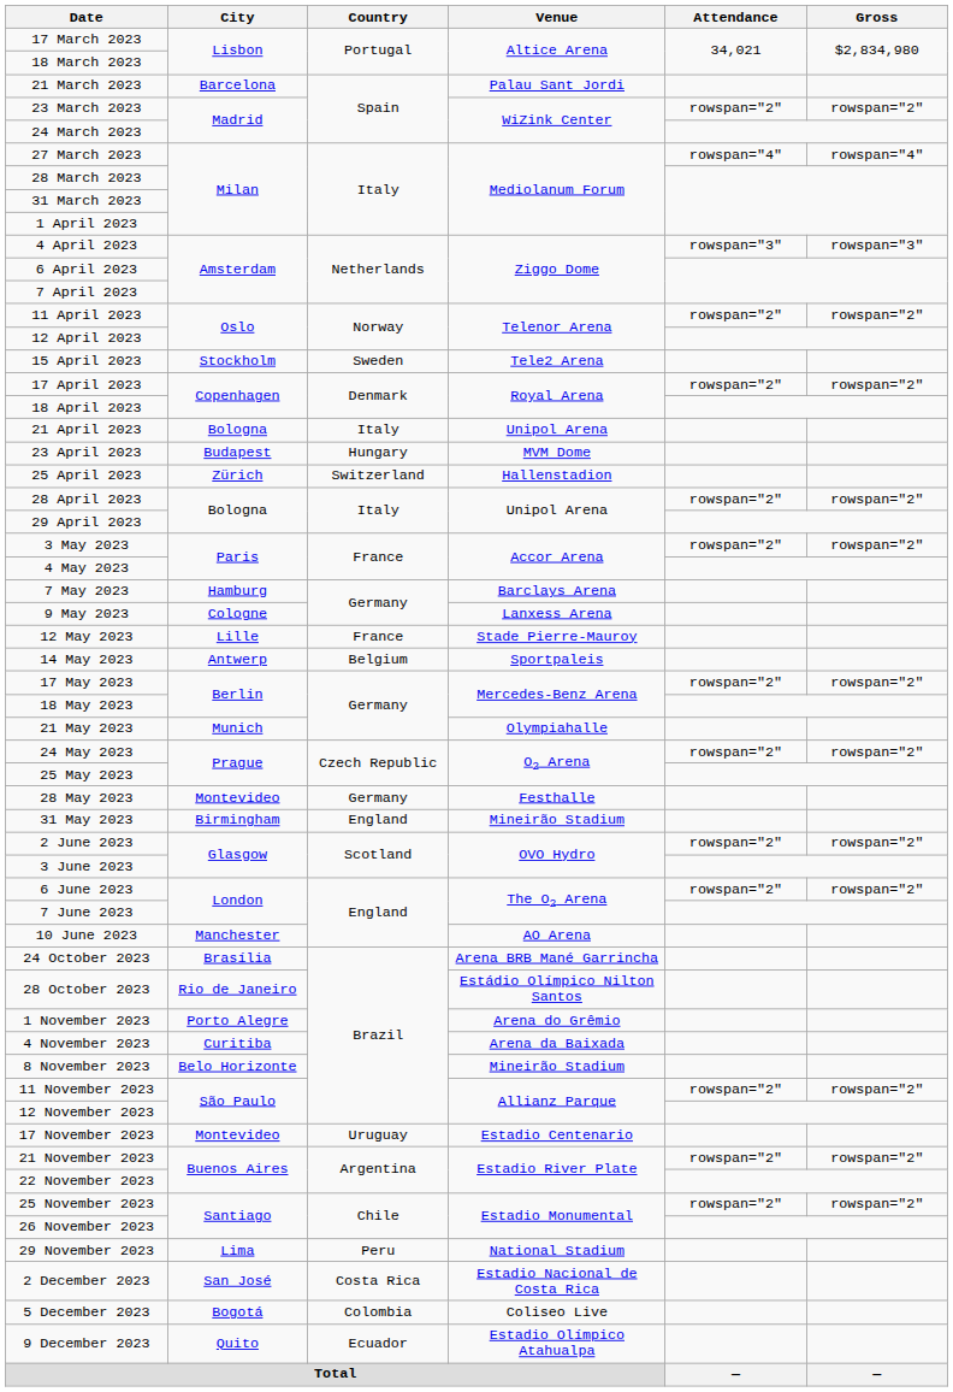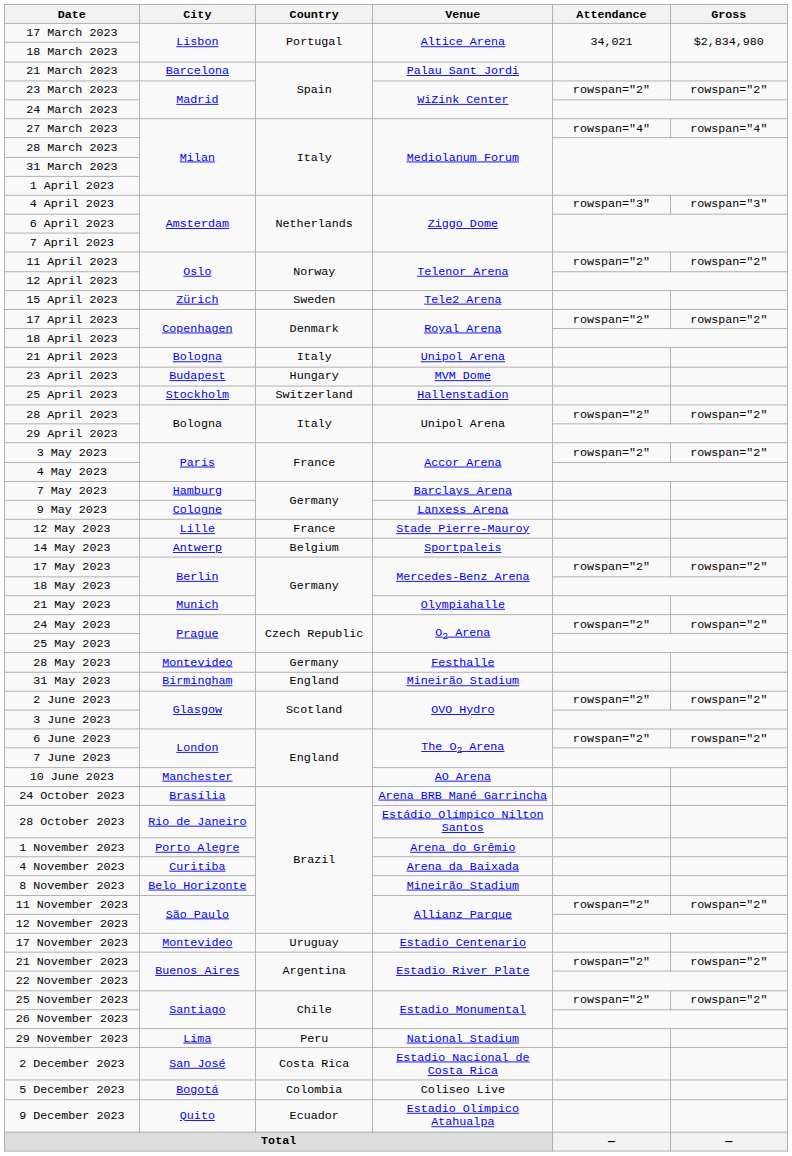 <table class="wikitable" style="text-align:center;">
 <tr>
 <th scope="col" style="width:12em;">Date</th>
 <th scope="col" style="width:10em;">City</th>
 <th scope="col" style="width:10em;">Country</th>
 <th scope="col" style="width:16em;">Venue</th>
 <th scope="col" style="width:10em;">Attendance</th>
 <th scope="col" style="width:10em;">Gross</th>
 </tr>
 <tr>
 <td>17 March 2023</td>
 <td rowspan="2"><a href='#'>Lisbon</a></td>
 <td rowspan="2">Portugal</td>
 <td rowspan="2"><a href='#'>Altice Arena</a></td>
 <td rowspan="2">34,021</td>
 <td rowspan="2">$2,834,980</td>
 </tr>
 <tr>
 <td>18 March 2023</td>
 </tr>
 <tr>
 <td>21 March 2023</td>
 <td><a href='#'>Barcelona</a></td>
 <td rowspan="3">Spain</td>
 <td><a href='#'>Palau Sant Jordi</a></td>
 <td></td>
 <td></td>
 </tr>
 <tr>
 <td>23 March 2023</td>
 <td rowspan="2"><a href='#'>Madrid</a></td>
 <td rowspan="2"><a href='#'>WiZink Center</a></td>
 <td>rowspan="2" </td>
 <td>rowspan="2" </td>
 </tr>
 <tr>
 <td>24 March 2023</td>
 </tr>
 <tr>
 <td>27 March 2023</td>
 <td rowspan="4"><a href='#'>Milan</a></td>
 <td rowspan="4">Italy</td>
 <td rowspan="4"><a href='#'>Mediolanum Forum</a></td>
 <td>rowspan="4" </td>
 <td>rowspan="4" </td>
 </tr>
 <tr>
 <td>28 March 2023</td>
 </tr>
 <tr>
 <td>31 March 2023</td>
 </tr>
 <tr>
 <td>1 April 2023</td>
 </tr>
 <tr>
 <td>4 April 2023</td>
 <td rowspan="3"><a href='#'>Amsterdam</a></td>
 <td rowspan="3">Netherlands</td>
 <td rowspan="3"><a href='#'>Ziggo Dome</a></td>
 <td>rowspan="3" </td>
 <td>rowspan="3" </td>
 </tr>
 <tr>
 <td>6 April 2023</td>
 </tr>
 <tr>
 <td>7 April 2023</td>
 </tr>
 <tr>
 <td>11 April 2023</td>
 <td rowspan="2"><a href='#'>Oslo</a></td>
 <td rowspan="2">Norway</td>
 <td rowspan="2"><a href='#'>Telenor Arena</a></td>
 <td>rowspan="2" </td>
 <td>rowspan="2" </td>
 </tr>
 <tr>
 <td>12 April 2023</td>
 </tr>
 <tr>
 <td>15 April 2023</td>
-<td><a href='#'>Stockholm</a></td>
+<td><a href='#'>Zürich</a></td>
 <td>Sweden</td>
 <td><a href='#'>Tele2 Arena</a></td>
 <td></td>
 <td></td>
 </tr>
 <tr>
 <td>17 April 2023</td>
 <td rowspan="2"><a href='#'>Copenhagen</a></td>
 <td rowspan="2">Denmark</td>
 <td rowspan="2"><a href='#'>Royal Arena</a></td>
 <td>rowspan="2" </td>
 <td>rowspan="2" </td>
 </tr>
 <tr>
 <td>18 April 2023</td>
 </tr>
 <tr>
 <td>21 April 2023</td>
 <td><a href='#'>Bologna</a></td>
 <td>Italy</td>
 <td><a href='#'>Unipol Arena</a></td>
 <td></td>
 <td></td>
 </tr>
 <tr>
 <td>23 April 2023</td>
 <td><a href='#'>Budapest</a></td>
 <td>Hungary</td>
 <td><a href='#'>MVM Dome</a></td>
 <td></td>
 <td></td>
 </tr>
 <tr>
 <td>25 April 2023</td>
-<td><a href='#'>Zürich</a></td>
+<td><a href='#'>Stockholm</a></td>
 <td>Switzerland</td>
 <td><a href='#'>Hallenstadion</a></td>
 <td></td>
 <td></td>
 </tr>
 <tr>
 <td>28 April 2023</td>
 <td rowspan="2">Bologna</td>
 <td rowspan="2">Italy</td>
 <td rowspan="2">Unipol Arena</td>
 <td>rowspan="2" </td>
 <td>rowspan="2" </td>
 </tr>
 <tr>
 <td>29 April 2023</td>
 </tr>
 <tr>
 <td>3 May 2023</td>
 <td rowspan="2"><a href='#'>Paris</a></td>
 <td rowspan="2">France</td>
 <td rowspan="2"><a href='#'>Accor Arena</a></td>
 <td>rowspan="2" </td>
 <td>rowspan="2" </td>
 </tr>
 <tr>
 <td>4 May 2023</td>
 </tr>
 <tr>
 <td>7 May 2023</td>
 <td><a href='#'>Hamburg</a></td>
 <td rowspan="2">Germany</td>
 <td><a href='#'>Barclays Arena</a></td>
 <td></td>
 <td></td>
 </tr>
 <tr>
 <td>9 May 2023</td>
 <td><a href='#'>Cologne</a></td>
 <td><a href='#'>Lanxess Arena</a></td>
 <td></td>
 <td></td>
 </tr>
 <tr>
 <td>12 May 2023</td>
 <td><a href='#'>Lille</a></td>
 <td>France</td>
 <td><a href='#'>Stade Pierre-Mauroy</a></td>
 <td></td>
 <td></td>
 </tr>
 <tr>
 <td>14 May 2023</td>
 <td><a href='#'>Antwerp</a></td>
 <td>Belgium</td>
 <td><a href='#'>Sportpaleis</a></td>
 <td></td>
 <td></td>
 </tr>
 <tr>
 <td>17 May 2023</td>
 <td rowspan="2"><a href='#'>Berlin</a></td>
 <td rowspan="3">Germany</td>
 <td rowspan="2"><a href='#'>Mercedes-Benz Arena</a></td>
 <td>rowspan="2" </td>
 <td>rowspan="2" </td>
 </tr>
 <tr>
 <td>18 May 2023</td>
 </tr>
 <tr>
 <td>21 May 2023</td>
 <td><a href='#'>Munich</a></td>
 <td><a href='#'>Olympiahalle</a></td>
 <td></td>
 <td></td>
 </tr>
 <tr>
 <td>24 May 2023</td>
 <td rowspan="2"><a href='#'>Prague</a></td>
 <td rowspan="2">Czech Republic</td>
 <td rowspan="2"><a href='#'>O<sub>2</sub> Arena</a></td>
 <td>rowspan="2" </td>
 <td>rowspan="2" </td>
 </tr>
 <tr>
 <td>25 May 2023</td>
 </tr>
 <tr>
 <td>28 May 2023</td>
 <td><a href='#'>Montevideo</a></td>
 <td>Germany</td>
 <td><a href='#'>Festhalle</a></td>
 <td></td>
 <td></td>
 </tr>
 <tr>
 <td>31 May 2023</td>
 <td><a href='#'>Birmingham</a></td>
 <td>England</td>
 <td><a href='#'>Mineirão Stadium</a></td>
 <td></td>
 <td></td>
 </tr>
 <tr>
 <td>2 June 2023</td>
 <td rowspan="2"><a href='#'>Glasgow</a></td>
 <td rowspan="2">Scotland</td>
 <td rowspan="2"><a href='#'>OVO Hydro</a></td>
 <td>rowspan="2" </td>
 <td>rowspan="2" </td>
 </tr>
 <tr>
 <td>3 June 2023</td>
 </tr>
 <tr>
 <td>6 June 2023</td>
 <td rowspan="2"><a href='#'>London</a></td>
 <td rowspan="3">England</td>
 <td rowspan="2"><a href='#'>The O<sub>2</sub> Arena</a></td>
 <td>rowspan="2" </td>
 <td>rowspan="2" </td>
 </tr>
 <tr>
 <td>7 June 2023</td>
 </tr>
 <tr>
 <td>10 June 2023</td>
 <td><a href='#'>Manchester</a></td>
 <td><a href='#'>AO Arena</a></td>
 <td></td>
 <td></td>
 </tr>
 <tr>
 <td>24 October 2023</td>
 <td><a href='#'>Brasília</a></td>
 <td rowspan="7">Brazil</td>
 <td><a href='#'>Arena BRB Mané Garrincha</a></td>
 <td></td>
 <td></td>
 </tr>
 <tr>
 <td>28 October 2023</td>
 <td><a href='#'>Rio de Janeiro</a></td>
 <td><a href='#'>Estádio Olímpico Nilton Santos</a></td>
 <td></td>
 <td></td>
 </tr>
 <tr>
 <td>1 November 2023</td>
 <td><a href='#'>Porto Alegre</a></td>
 <td><a href='#'>Arena do Grêmio</a></td>
 <td></td>
 <td></td>
 </tr>
 <tr>
 <td>4 November 2023</td>
 <td><a href='#'>Curitiba</a></td>
 <td><a href='#'>Arena da Baixada</a></td>
 <td></td>
 <td></td>
 </tr>
 <tr>
 <td>8 November 2023</td>
 <td><a href='#'>Belo Horizonte</a></td>
 <td><a href='#'>Mineirão Stadium</a></td>
 <td></td>
 <td></td>
 </tr>
 <tr>
 <td>11 November 2023</td>
 <td rowspan="2"><a href='#'>São Paulo</a></td>
 <td rowspan="2"><a href='#'>Allianz Parque</a></td>
 <td>rowspan="2" </td>
 <td>rowspan="2" </td>
 </tr>
 <tr>
 <td>12 November 2023</td>
 </tr>
 <tr>
 <td>17 November 2023</td>
 <td><a href='#'>Montevideo</a></td>
 <td>Uruguay</td>
 <td><a href='#'>Estadio Centenario</a></td>
 <td></td>
 <td></td>
 </tr>
 <tr>
 <td>21 November 2023</td>
 <td rowspan="2"><a href='#'>Buenos Aires</a></td>
 <td rowspan="2">Argentina</td>
 <td rowspan="2"><a href='#'>Estadio River Plate</a></td>
 <td>rowspan="2" </td>
 <td>rowspan="2" </td>
 </tr>
 <tr>
 <td>22 November 2023</td>
 </tr>
 <tr>
 <td>25 November 2023</td>
 <td rowspan="2"><a href='#'>Santiago</a></td>
 <td rowspan="2">Chile</td>
 <td rowspan="2"><a href='#'>Estadio Monumental</a></td>
 <td>rowspan="2" </td>
 <td>rowspan="2" </td>
 </tr>
 <tr>
 <td>26 November 2023</td>
 </tr>
 <tr>
 <td>29 November 2023</td>
 <td><a href='#'>Lima</a></td>
 <td>Peru</td>
 <td><a href='#'>National Stadium</a></td>
 <td></td>
 <td></td>
 </tr>
 <tr>
 <td>2 December 2023</td>
 <td><a href='#'>San José</a></td>
 <td>Costa Rica</td>
 <td><a href='#'>Estadio Nacional de Costa Rica</a></td>
 <td></td>
 <td></td>
 </tr>
 <tr>
 <td>5 December 2023</td>
 <td><a href='#'>Bogotá</a></td>
 <td>Colombia</td>
 <td>Coliseo Live</td>
 <td></td>
 <td></td>
 </tr>
 <tr>
 <td>9 December 2023</td>
 <td><a href='#'>Quito</a></td>
 <td>Ecuador</td>
 <td><a href='#'>Estadio Olímpico Atahualpa</a></td>
 <td></td>
 <td></td>
 </tr>
 <tr>
 <th colspan="4" style="background:#ddd;">Total</th>
 <th>—</th>
 <th>—</th>
 </tr>
 </table>
